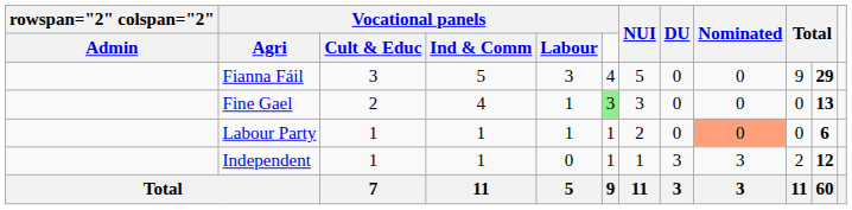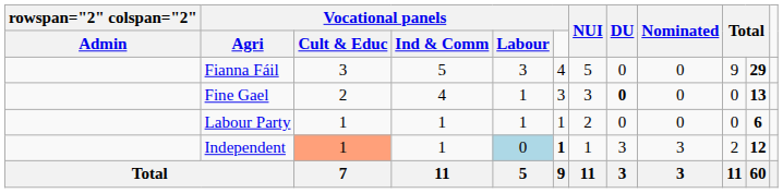 <table class="wikitable">
 <tr>
 <th>rowspan="2" colspan="2" </th>
 <th scope="col" colspan="5"><a href='#'>Vocational panels</a></th>
 <th rowspan="2"><a href='#'>NUI</a></th>
 <th rowspan="2"><a href='#'>DU</a></th>
 <th rowspan="2"><a href='#'>Nominated</a></th>
 <th rowspan="2" colspan="2">Total</th>
 </tr>
 <tr>
 <th scope="col"><a href='#'>Admin</a></th>
 <th scope="col"><a href='#'>Agri</a></th>
 <th scope="col"><a href='#'>Cult & Educ</a></th>
 <th scope="col"><a href='#'>Ind & Comm</a></th>
 <th scope="col"><a href='#'>Labour</a></th>
 </tr>
 <tr style="text-align:center">
 <td style="background-color: "></td>
 <td align="left"><a href='#'>Fianna Fáil</a></td>
 <td>3</td>
 <td>5</td>
 <td>3</td>
 <td>4</td>
 <td>5</td>
 <td>0</td>
 <td>0</td>
 <td>9</td>
 <td><strong>29</strong></td>
 <td style="background-color: "></td>
 </tr>
 <tr style="text-align:center">
 <td style="background-color: "></td>
 <td align="left"><a href='#'>Fine Gael</a></td>
 <td>2</td>
 <td>4</td>
 <td>1</td>
-<td style="background: lightgreen;">3</td>
 <td>3</td>
-<td>0</td>
+<td>3</td>
+<td><strong>0</strong></td>
 <td>0</td>
 <td>0</td>
 <td><strong>13</strong></td>
 <td style="background-color: "></td>
 </tr>
 <tr style="text-align:center">
 <td style="background-color: "></td>
 <td align="left"><a href='#'>Labour Party</a></td>
 <td>1</td>
 <td>1</td>
 <td>1</td>
 <td>1</td>
 <td>2</td>
 <td>0</td>
-<td style="background: lightsalmon;">0</td>
+<td>0</td>
 <td>0</td>
 <td><strong>6</strong></td>
 <td style="background-color: "></td>
 </tr>
 <tr style="text-align:center">
 <td style="background-color: "></td>
 <td align="left"><a href='#'>Independent</a></td>
+<td style="background: lightsalmon;">1</td>
 <td>1</td>
-<td>1</td>
-<td>0</td>
-<td>1</td>
+<td style="background: lightblue;">0</td>
+<td><strong>1</strong></td>
 <td>1</td>
 <td>3</td>
 <td>3</td>
 <td>2</td>
 <td><strong>12</strong></td>
 <td style="background-color: "></td>
 </tr>
 <tr style="text-align:center">
 <th colspan="2">Total</th>
 <th>7</th>
 <th>11</th>
 <th>5</th>
 <th>9</th>
 <th>11</th>
 <th>3</th>
 <th>3</th>
 <th>11</th>
 <th>60</th>
 <th></th>
 </tr>
 </table>
